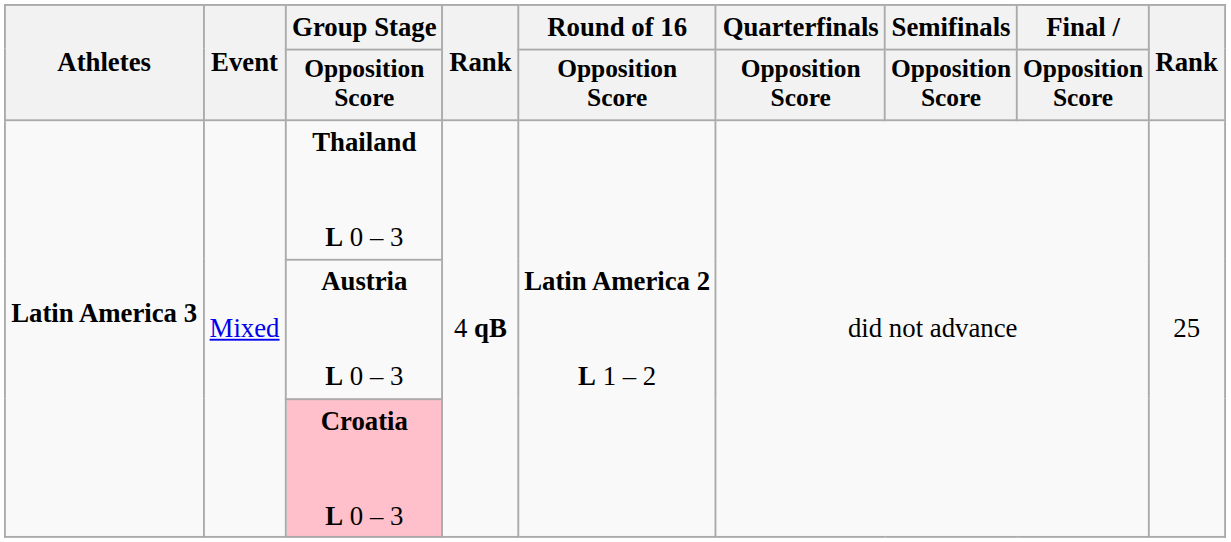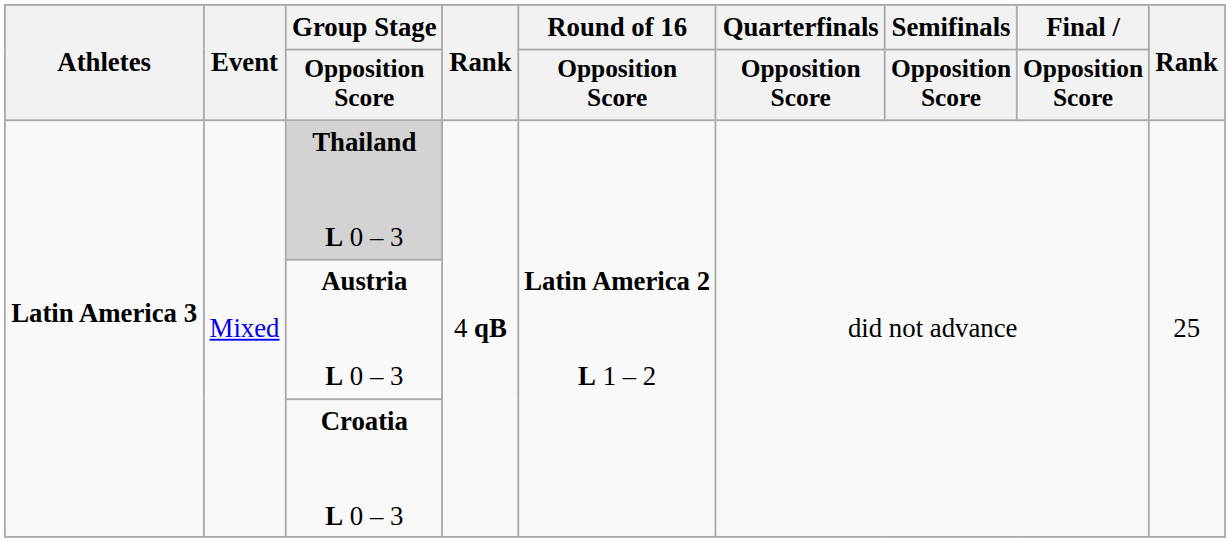 <table class=wikitable style="font-size:90%">
 <tr>
 <th rowspan="2">Athletes</th>
 <th rowspan="2">Event</th>
 <th>Group Stage</th>
 <th rowspan="2">Rank</th>
 <th>Round of 16</th>
 <th>Quarterfinals</th>
 <th>Semifinals</th>
 <th>Final / </th>
 <th rowspan=2>Rank</th>
 </tr>
 <tr style="font-size:95%">
 <th>Opposition<br>Score</th>
 <th>Opposition<br>Score</th>
 <th>Opposition<br>Score</th>
 <th>Opposition<br>Score</th>
 <th>Opposition<br>Score</th>
 </tr>
 <tr align=center>
 <td align=left rowspan=3><strong>Latin America 3</strong><br><br></td>
 <td align=left rowspan=3><a href='#'>Mixed</a></td>
-<td><strong>Thailand</strong><br><br><br><strong>L</strong> 0 – 3</td>
+<td style="background: lightgrey;"><strong>Thailand</strong><br><br><br><strong>L</strong> 0 – 3</td>
 <td rowspan=3>4 <strong>qB</strong></td>
 <td rowspan=3><strong>Latin America 2</strong><br><br><br><strong>L</strong> 1 – 2</td>
 <td rowspan=3 colspan=3>did not advance</td>
 <td rowspan=3>25</td>
 </tr>
 <tr align=center>
 <td><strong>Austria</strong><br><br><br><strong>L</strong> 0 – 3</td>
 </tr>
 <tr align=center>
-<td style="background: pink;"><strong>Croatia</strong><br><br><br><strong>L</strong> 0 – 3</td>
+<td><strong>Croatia</strong><br><br><br><strong>L</strong> 0 – 3</td>
 </tr>
 </table>
